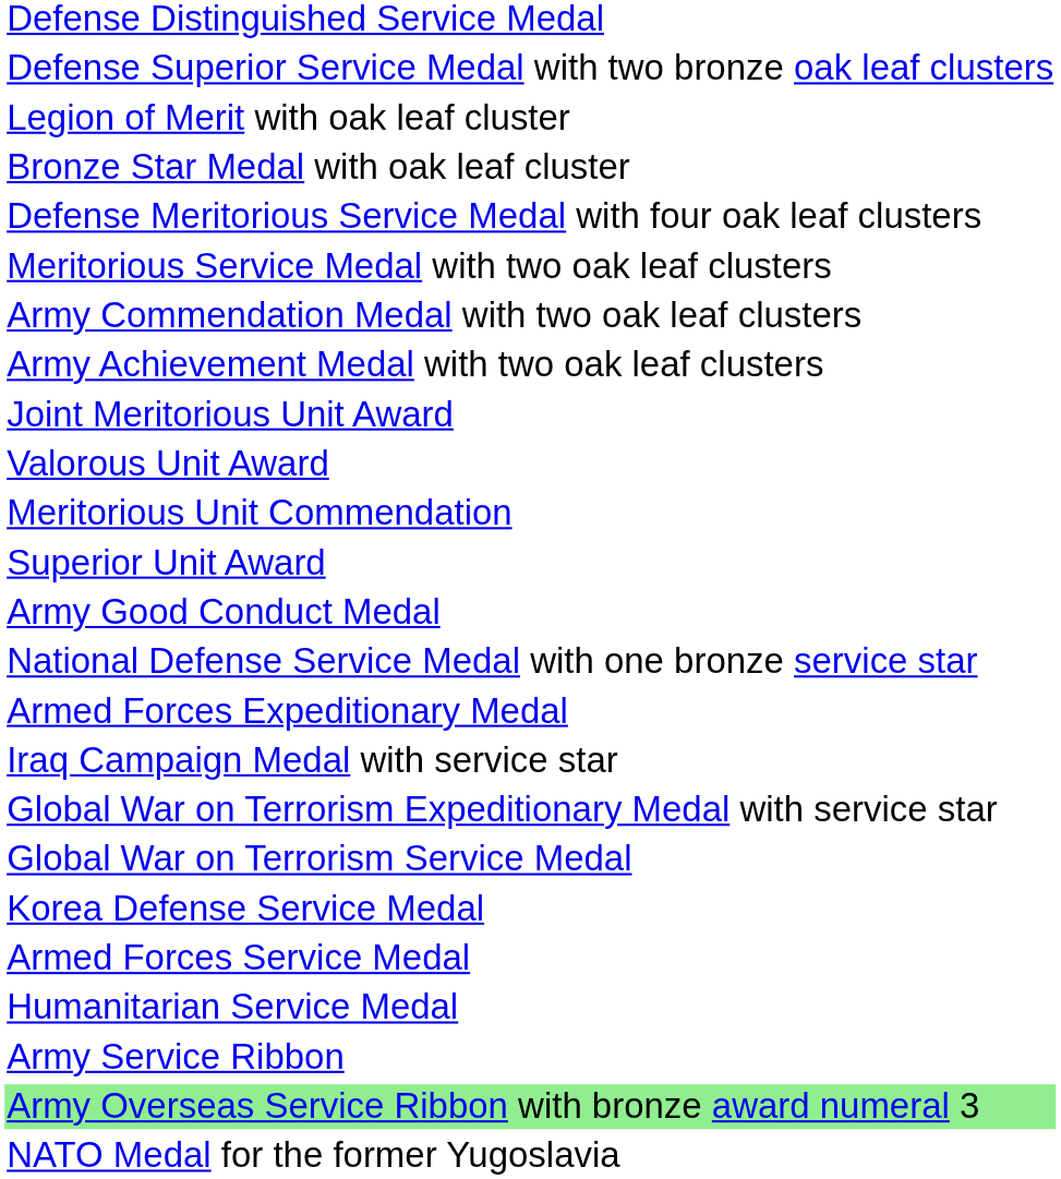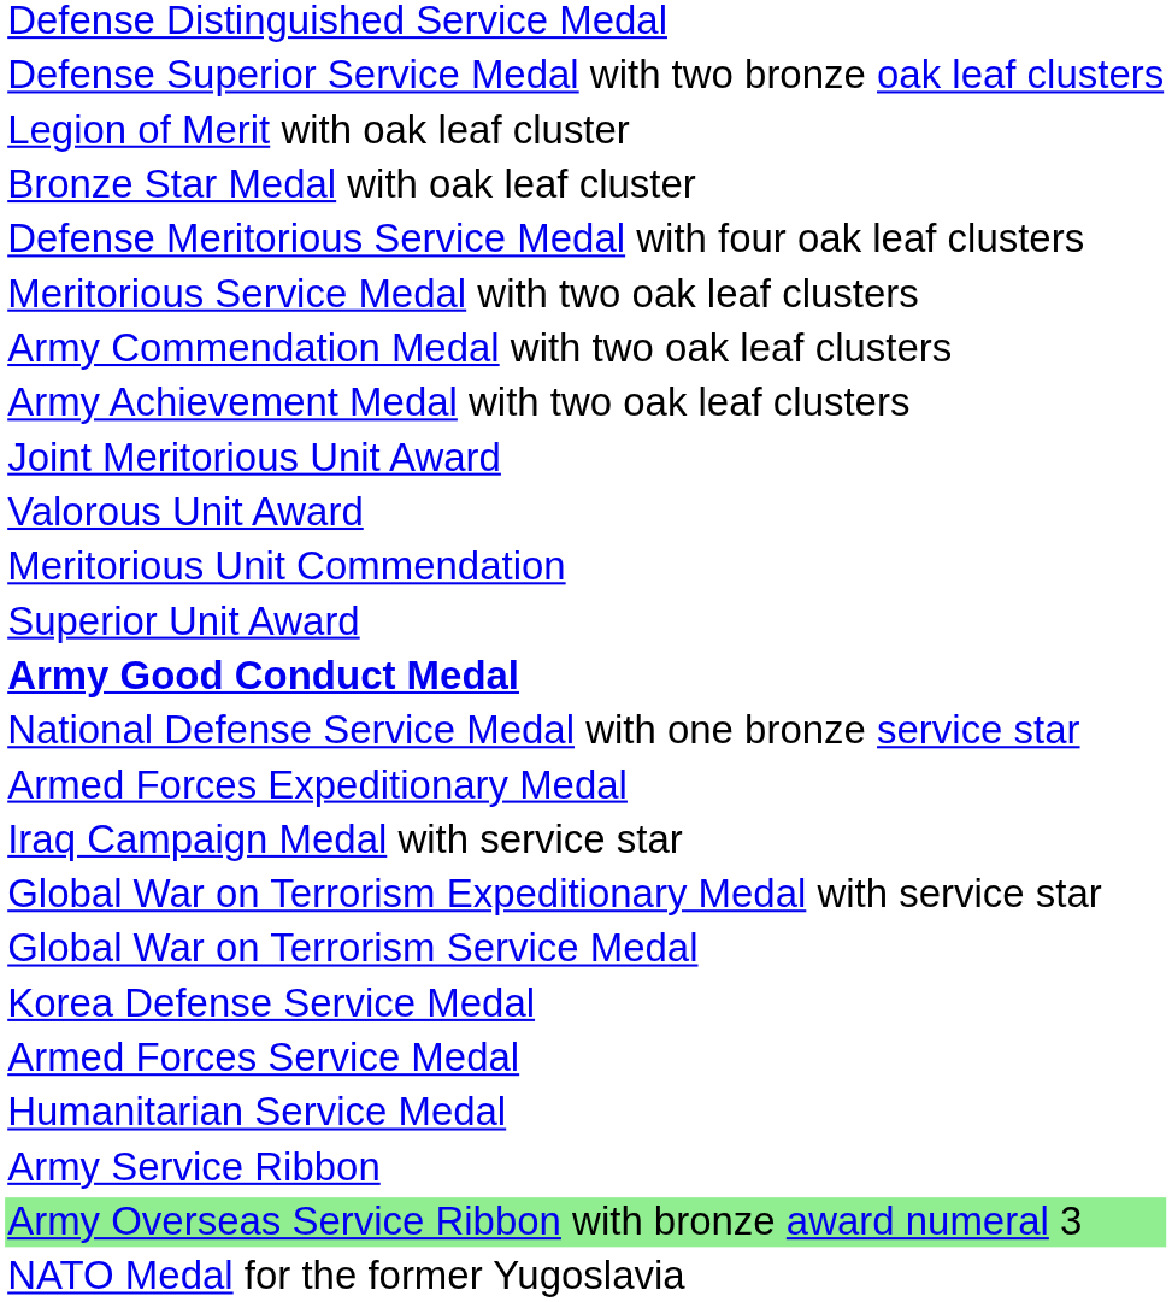 <table>
 <tr>
 <td> <a href='#'>Defense Distinguished Service Medal</a></td>
 </tr>
 <tr>
 <td><span></span><span></span> <a href='#'>Defense Superior Service Medal</a> with two bronze <a href='#'>oak leaf clusters</a></td>
 </tr>
 <tr>
 <td> <a href='#'>Legion of Merit</a> with oak leaf cluster</td>
 </tr>
 <tr>
 <td> <a href='#'>Bronze Star Medal</a> with oak leaf cluster</td>
 </tr>
 <tr>
 <td><span></span><span></span><span></span><span></span> <a href='#'>Defense Meritorious Service Medal</a> with four oak leaf clusters</td>
 </tr>
 <tr>
 <td><span></span><span></span> <a href='#'>Meritorious Service Medal</a> with two oak leaf clusters</td>
 </tr>
 <tr>
 <td><span></span><span></span> <a href='#'>Army Commendation Medal</a> with two oak leaf clusters</td>
 </tr>
 <tr>
 <td><span></span><span></span> <a href='#'>Army Achievement Medal</a> with two oak leaf clusters</td>
 </tr>
 <tr>
 <td> <a href='#'>Joint Meritorious Unit Award</a></td>
 </tr>
 <tr>
 <td> <a href='#'>Valorous Unit Award</a></td>
 </tr>
 <tr>
 <td> <a href='#'>Meritorious Unit Commendation</a></td>
 </tr>
 <tr>
 <td> <a href='#'>Superior Unit Award</a></td>
 </tr>
 <tr>
-<td> <a href='#'>Army Good Conduct Medal</a></td>
+<td><strong> <a href='#'>Army Good Conduct Medal</a></strong></td>
 </tr>
 <tr>
 <td> <a href='#'>National Defense Service Medal</a> with one bronze <a href='#'>service star</a></td>
 </tr>
 <tr>
 <td> <a href='#'>Armed Forces Expeditionary Medal</a></td>
 </tr>
 <tr>
 <td> <a href='#'>Iraq Campaign Medal</a> with service star</td>
 </tr>
 <tr>
 <td> <a href='#'>Global War on Terrorism Expeditionary Medal</a> with service star</td>
 </tr>
 <tr>
 <td> <a href='#'>Global War on Terrorism Service Medal</a></td>
 </tr>
 <tr>
 <td> <a href='#'>Korea Defense Service Medal</a></td>
 </tr>
 <tr>
 <td> <a href='#'>Armed Forces Service Medal</a></td>
 </tr>
 <tr>
 <td> <a href='#'>Humanitarian Service Medal</a></td>
 </tr>
 <tr>
 <td> <a href='#'>Army Service Ribbon</a></td>
 </tr>
 <tr>
 <td style="background: lightgreen;"><span></span> <a href='#'>Army Overseas Service Ribbon</a> with bronze <a href='#'>award numeral</a> 3</td>
 </tr>
 <tr>
 <td> <a href='#'>NATO Medal</a> for the former Yugoslavia</td>
 </tr>
 </table>
